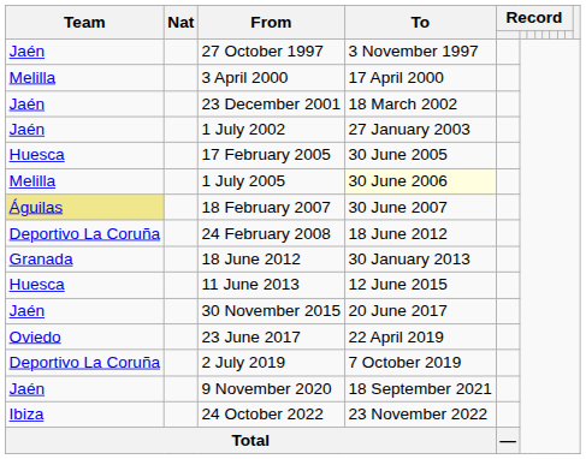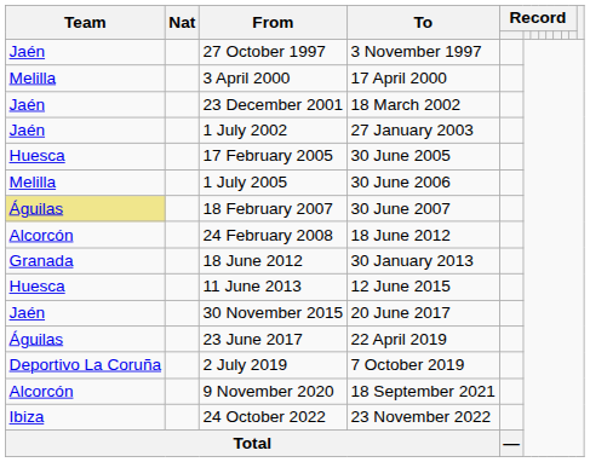 <table class="wikitable" style="text-align: center">
 <tr>
 <th rowspan="2">Team</th>
 <th rowspan="2">Nat</th>
 <th rowspan="2">From</th>
 <th rowspan="2">To</th>
 <th colspan="8">Record</th>
 <th rowspan=2></th>
 </tr>
 <tr>
 <th></th>
 <th></th>
 <th></th>
 <th></th>
 <th></th>
 <th></th>
 <th></th>
 <th></th>
 </tr>
 <tr>
 <td align="left"><a href='#'>Jaén</a></td>
 <td></td>
 <td align=left>27 October 1997</td>
 <td align=left>3 November 1997<br></td>
 <td></td>
 </tr>
 <tr>
 <td align="left"><a href='#'>Melilla</a></td>
 <td></td>
 <td align=left>3 April 2000</td>
 <td align=left>17 April 2000<br></td>
 <td></td>
 </tr>
 <tr>
 <td align="left"><a href='#'>Jaén</a></td>
 <td></td>
 <td align=left>23 December 2001</td>
 <td align=left>18 March 2002<br></td>
 <td></td>
 </tr>
 <tr>
 <td align="left"><a href='#'>Jaén</a></td>
 <td></td>
 <td align=left>1 July 2002</td>
 <td align=left>27 January 2003<br></td>
 <td></td>
 </tr>
 <tr>
 <td align="left"><a href='#'>Huesca</a></td>
 <td></td>
 <td align=left>17 February 2005</td>
 <td align=left>30 June 2005<br></td>
 <td></td>
 </tr>
 <tr>
 <td align="left"><a href='#'>Melilla</a></td>
 <td></td>
 <td align=left>1 July 2005</td>
-<td align=left style="background: lightyellow;">30 June 2006<br></td>
+<td align=left>30 June 2006<br></td>
 <td></td>
 </tr>
 <tr>
 <td align="left" style="background: khaki;"><a href='#'>Águilas</a></td>
 <td></td>
 <td align=left>18 February 2007</td>
 <td align=left>30 June 2007<br></td>
 <td></td>
 </tr>
 <tr>
-<td align="left"><a href='#'>Deportivo La Coruña</a></td>
+<td align="left"><a href='#'>Alcorcón</a></td>
 <td></td>
 <td align=left>24 February 2008</td>
 <td align=left>18 June 2012<br></td>
 <td></td>
 </tr>
 <tr>
 <td align="left"><a href='#'>Granada</a></td>
 <td></td>
 <td align=left>18 June 2012</td>
 <td align=left>30 January 2013<br></td>
 <td></td>
 </tr>
 <tr>
 <td align="left"><a href='#'>Huesca</a></td>
 <td></td>
 <td align=left>11 June 2013</td>
 <td align=left>12 June 2015<br></td>
 <td></td>
 </tr>
 <tr>
 <td align="left"><a href='#'>Jaén</a></td>
 <td></td>
 <td align=left>30 November 2015</td>
 <td align=left>20 June 2017<br></td>
 <td></td>
 </tr>
 <tr>
-<td align="left"><a href='#'>Oviedo</a></td>
+<td align="left"><a href='#'>Águilas</a></td>
 <td></td>
 <td align=left>23 June 2017</td>
 <td align=left>22 April 2019<br></td>
 <td></td>
 </tr>
 <tr>
 <td align="left"><a href='#'>Deportivo La Coruña</a></td>
 <td></td>
 <td align=left>2 July 2019</td>
 <td align=left>7 October 2019<br></td>
 <td></td>
 </tr>
 <tr>
-<td align="left"><a href='#'>Jaén</a></td>
+<td align="left"><a href='#'>Alcorcón</a></td>
 <td></td>
 <td align=left>9 November 2020</td>
 <td align=left>18 September 2021<br></td>
 <td></td>
 </tr>
 <tr>
 <td align="left"><a href='#'>Ibiza</a></td>
 <td></td>
 <td align=left>24 October 2022</td>
 <td align=left>23 November 2022<br></td>
 <td></td>
 </tr>
 <tr>
 <th colspan="4">Total<br></th>
 <th>—</th>
 </tr>
 </table>
